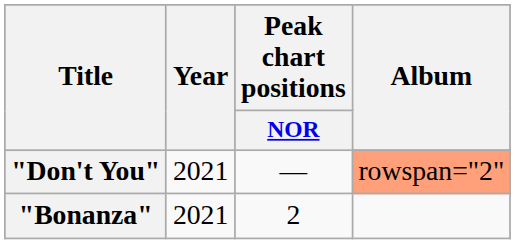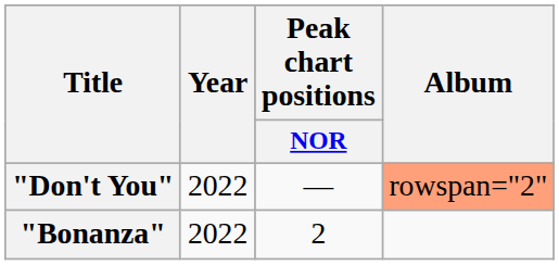 <table class="wikitable plainrowheaders" style="text-align:center;">
 <tr>
 <th scope="col" rowspan="2">Title</th>
 <th scope="col" rowspan="2">Year</th>
 <th scope="col" colspan="1">Peak chart positions</th>
 <th scope="col" rowspan="2">Album</th>
 </tr>
 <tr>
 <th scope="col" style="width:3em;font-size:85%;"><a href='#'>NOR</a><br></th>
 </tr>
 <tr>
 <th scope="row">"Don't You"<br></th>
-<td>2021</td>
+<td>2022</td>
 <td>—</td>
 <td style="background: lightsalmon;">rowspan="2" </td>
 </tr>
 <tr>
 <th scope="row">"Bonanza"<br></th>
-<td>2021</td>
+<td>2022</td>
 <td>2</td>
 </tr>
 </table>
